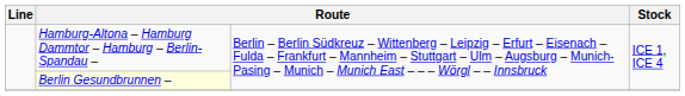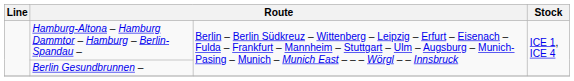 <table class="wikitable" width="100%">
 <tr class="hintergrundfarbe5">
 <th>Line</th>
 <th colspan="2">Route</th>
 <th>Stock</th>
 </tr>
 <tr>
 <td rowspan="2"></td>
 <td><em><a href='#'>Hamburg-Altona</a> – <a href='#'>Hamburg Dammtor</a> – <a href='#'>Hamburg</a> – <a href='#'>Berlin-Spandau</a> –</em></td>
 <td rowspan="2"><a href='#'>Berlin</a> – <a href='#'>Berlin Südkreuz</a> – <a href='#'>Wittenberg</a> – <a href='#'>Leipzig</a> – <a href='#'>Erfurt</a> – <a href='#'>Eisenach</a> – <a href='#'>Fulda</a> – <a href='#'>Frankfurt</a> – <a href='#'>Mannheim</a> – <a href='#'>Stuttgart</a> – <a href='#'>Ulm</a> – <a href='#'>Augsburg</a> – <a href='#'>Munich-Pasing</a> – <a href='#'>Munich</a> <em>– <a href='#'>Munich East</a> –  –  – <a href='#'>Wörgl</a> –  – <a href='#'>Innsbruck</a></em></td>
 <td rowspan="2"><a href='#'>ICE 1</a>, <a href='#'>ICE 4</a></td>
 </tr>
 <tr>
-<td style="background: lightyellow;"><em><a href='#'>Berlin Gesundbrunnen</a> –</em></td>
+<td><em><a href='#'>Berlin Gesundbrunnen</a> –</em></td>
 </tr>
 <tr>
 </tr>
 </table>
